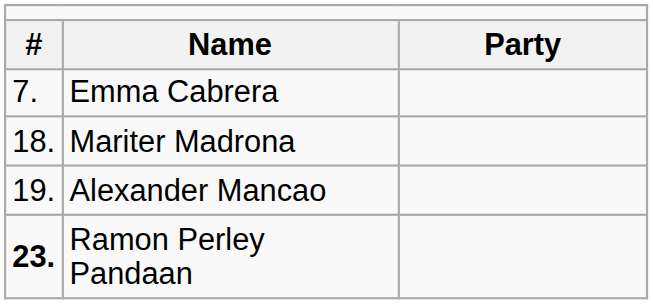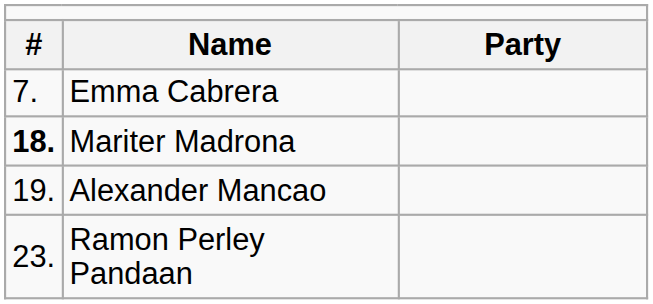 <table class=wikitable style="font-size:90%">
 <tr>
 <td colspan=4 bgcolor=></td>
 </tr>
 <tr>
 <th>#</th>
 <th width=150px>Name</th>
 <th colspan=2 width=110px>Party</th>
 </tr>
 <tr>
 <td>7.</td>
 <td>Emma Cabrera</td>
 <td></td>
 </tr>
 <tr>
-<td>18.</td>
+<td><strong>18.</strong></td>
 <td>Mariter Madrona</td>
 <td></td>
 </tr>
 <tr>
 <td>19.</td>
 <td>Alexander Mancao</td>
 <td></td>
 </tr>
 <tr>
-<td><strong>23.</strong></td>
+<td>23.</td>
 <td>Ramon Perley Pandaan</td>
 <td></td>
 </tr>
 </table>
